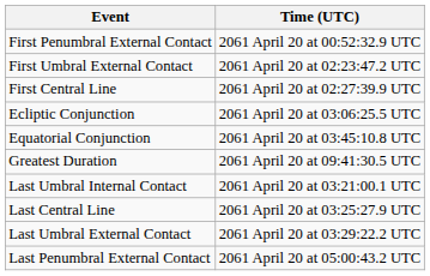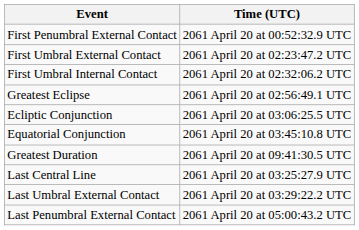 <table class="wikitable">
 <tr>
 <th>Event</th>
 <th>Time (UTC)</th>
 </tr>
 <tr>
 <td>First Penumbral External Contact</td>
 <td>2061 April 20 at 00:52:32.9 UTC</td>
 </tr>
 <tr>
 <td>First Umbral External Contact</td>
 <td>2061 April 20 at 02:23:47.2 UTC</td>
 </tr>
 <tr>
-<td>First Central Line</td>
-<td>2061 April 20 at 02:27:39.9 UTC</td>
+<td>First Umbral Internal Contact</td>
+<td>2061 April 20 at 02:32:06.2 UTC</td>
+</tr>
+<tr>
+<td>Greatest Eclipse</td>
+<td>2061 April 20 at 02:56:49.1 UTC</td>
 </tr>
 <tr>
 <td>Ecliptic Conjunction</td>
 <td>2061 April 20 at 03:06:25.5 UTC</td>
 </tr>
 <tr>
 <td>Equatorial Conjunction</td>
 <td>2061 April 20 at 03:45:10.8 UTC</td>
 </tr>
 <tr>
 <td>Greatest Duration</td>
 <td>2061 April 20 at 09:41:30.5 UTC</td>
 </tr>
 <tr>
-<td>Last Umbral Internal Contact</td>
-<td>2061 April 20 at 03:21:00.1 UTC</td>
-</tr>
-<tr>
 <td>Last Central Line</td>
 <td>2061 April 20 at 03:25:27.9 UTC</td>
 </tr>
 <tr>
 <td>Last Umbral External Contact</td>
 <td>2061 April 20 at 03:29:22.2 UTC</td>
 </tr>
 <tr>
 <td>Last Penumbral External Contact</td>
 <td>2061 April 20 at 05:00:43.2 UTC</td>
 </tr>
 </table>
